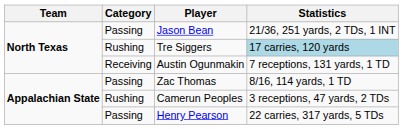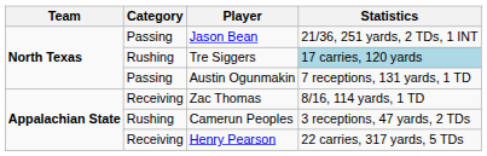 <table class="wikitable" style="float: left;">
 <tr>
 <th>Team</th>
 <th>Category</th>
 <th>Player</th>
 <th>Statistics</th>
 </tr>
 <tr>
 <td rowspan=3><strong>North Texas</strong></td>
 <td>Passing</td>
 <td><a href='#'>Jason Bean</a></td>
 <td>21/36, 251 yards, 2 TDs, 1 INT</td>
 </tr>
 <tr>
 <td>Rushing</td>
 <td>Tre Siggers</td>
 <td style="background: lightblue;">17 carries, 120 yards</td>
 </tr>
 <tr>
-<td>Receiving</td>
+<td>Passing</td>
 <td>Austin Ogunmakin</td>
 <td>7 receptions, 131 yards, 1 TD</td>
 </tr>
 <tr>
 <td rowspan=3><strong>Appalachian State</strong></td>
-<td>Passing</td>
+<td>Receiving</td>
 <td>Zac Thomas</td>
 <td>8/16, 114 yards, 1 TD</td>
 </tr>
 <tr>
 <td>Rushing</td>
 <td>Camerun Peoples</td>
 <td>3 receptions, 47 yards, 2 TDs</td>
 </tr>
 <tr>
-<td>Passing</td>
+<td>Receiving</td>
 <td><a href='#'>Henry Pearson</a></td>
 <td>22 carries, 317 yards, 5 TDs</td>
 </tr>
 </table>
